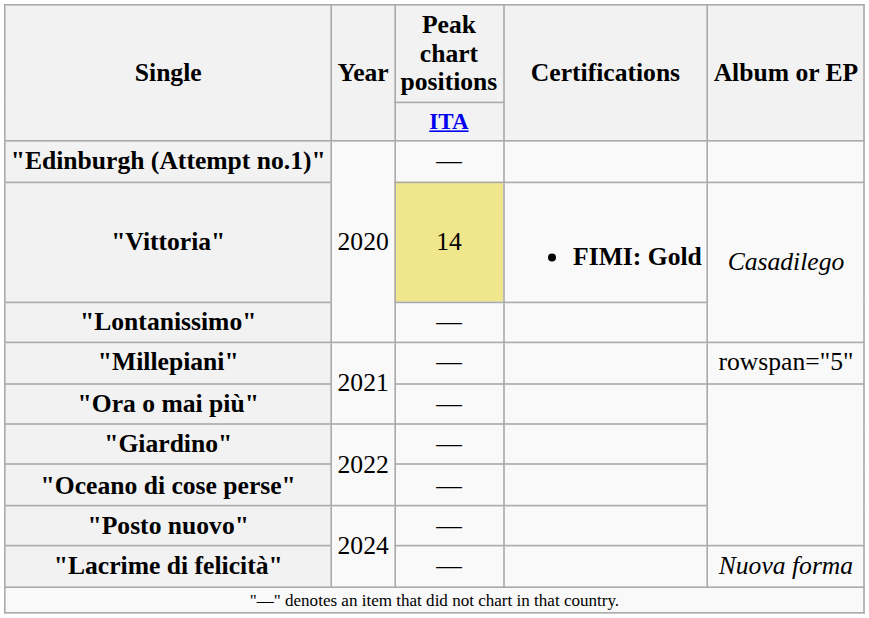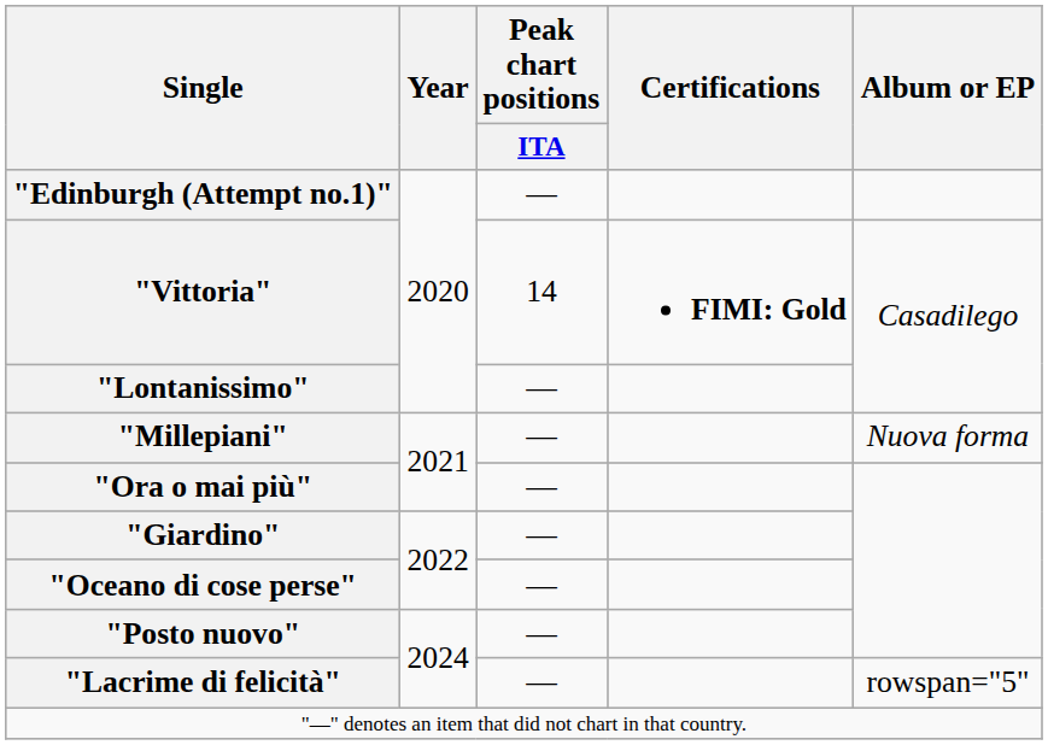 <table class="wikitable plainrowheaders" style="text-align:center;">
 <tr>
 <th scope="col" rowspan="2">Single</th>
 <th scope="col" rowspan="2">Year</th>
 <th scope="col" colspan="1">Peak chart positions</th>
 <th scope="col" rowspan="2">Certifications</th>
 <th scope="col" rowspan="2">Album or EP</th>
 </tr>
 <tr>
 <th scope="col" style="width:3em;font-size:90%;"><a href='#'>ITA</a><br></th>
 </tr>
 <tr>
 <th scope="row">"Edinburgh (Attempt no.1)"</th>
 <td rowspan="3">2020</td>
 <td>—</td>
 <td></td>
 <td></td>
 </tr>
 <tr>
 <th scope="row">"Vittoria"</th>
-<td style="background: khaki;">14</td>
+<td>14</td>
 <td><strong><br><ul><li>FIMI: Gold</li></ul></strong></td>
 <td rowspan="2"><em>Casadilego</em></td>
 </tr>
 <tr>
 <th scope="row">"Lontanissimo"</th>
 <td>—</td>
 <td></td>
 </tr>
 <tr>
 <th scope="row">"Millepiani"</th>
 <td rowspan="2">2021</td>
 <td>—</td>
 <td></td>
-<td>rowspan="5" </td>
+<td><em>Nuova forma</em></td>
 </tr>
 <tr>
 <th scope="row">"Ora o mai più"<br></th>
 <td>—</td>
 <td></td>
 </tr>
 <tr>
 <th scope="row">"Giardino"</th>
 <td rowspan="2">2022</td>
 <td>—</td>
 <td></td>
 </tr>
 <tr>
 <th scope="row">"Oceano di cose perse"</th>
 <td>—</td>
 <td></td>
 </tr>
 <tr>
 <th scope="row">"Posto nuovo"</th>
 <td rowspan="2">2024</td>
 <td>—</td>
 <td></td>
 </tr>
 <tr>
 <th scope="row">"Lacrime di felicità"<br></th>
 <td>—</td>
 <td></td>
-<td><em>Nuova forma</em></td>
+<td>rowspan="5" </td>
 </tr>
 <tr>
 <td colspan="6" style="text-align:center; font-size:8pt;">"—" denotes an item that did not chart in that country.</td>
 </tr>
 </table>
